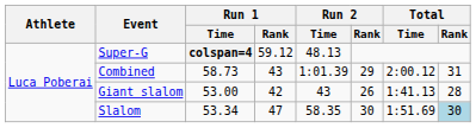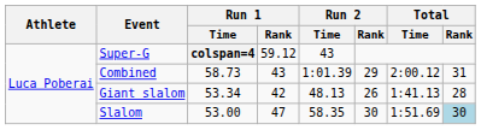 <table class="wikitable" style="font-size:90%">
 <tr>
 <th rowspan=2>Athlete</th>
 <th rowspan=2>Event</th>
 <th colspan=2>Run 1</th>
 <th colspan=2>Run 2</th>
 <th colspan=2>Total</th>
 </tr>
 <tr style="font-size:95%">
 <th>Time</th>
 <th>Rank</th>
 <th>Time</th>
 <th>Rank</th>
 <th>Time</th>
 <th>Rank</th>
 </tr>
 <tr align=center>
 <td align="left" rowspan="4"><a href='#'>Luca Poberai</a></td>
 <td align="left"><a href='#'>Super-G</a></td>
 <th>colspan=4 </th>
 <td>59.12</td>
-<td>48.13</td>
+<td>43</td>
 </tr>
 <tr align=center>
 <td align="left"><a href='#'>Combined</a></td>
 <td>58.73</td>
 <td>43</td>
 <td>1:01.39</td>
 <td>29</td>
 <td>2:00.12</td>
 <td>31</td>
 </tr>
 <tr align=center>
 <td align="left"><a href='#'>Giant slalom</a></td>
-<td>53.00</td>
+<td>53.34</td>
 <td>42</td>
-<td>43</td>
+<td>48.13</td>
 <td>26</td>
 <td>1:41.13</td>
 <td>28</td>
 </tr>
 <tr align=center>
 <td align="left"><a href='#'>Slalom</a></td>
-<td>53.34</td>
+<td>53.00</td>
 <td>47</td>
 <td>58.35</td>
 <td>30</td>
 <td>1:51.69</td>
 <td style="background: lightblue;">30</td>
 </tr>
 </table>
